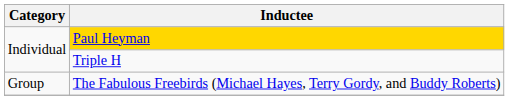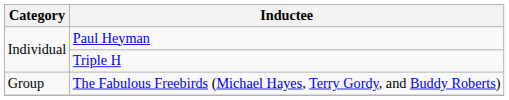 <table class="wikitable">
 <tr>
 <th>Category</th>
 <th>Inductee</th>
 </tr>
 <tr>
 <td rowspan=2>Individual</td>
-<td style="background: gold;"><a href='#'>Paul Heyman</a></td>
+<td><a href='#'>Paul Heyman</a></td>
 </tr>
 <tr>
 <td><a href='#'>Triple H</a></td>
 </tr>
 <tr>
 <td>Group</td>
 <td><a href='#'>The Fabulous Freebirds</a> (<a href='#'>Michael Hayes</a>, <a href='#'>Terry Gordy</a>, and <a href='#'>Buddy Roberts</a>)</td>
 </tr>
 <tr>
 </tr>
 </table>
